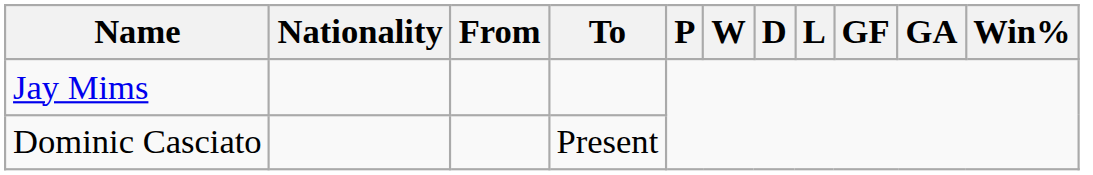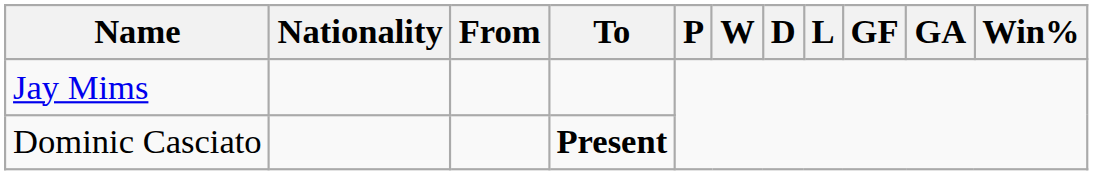 <table class="wikitable plainrowheaders sortable" style="text-align:center">
 <tr>
 <th>Name</th>
 <th>Nationality</th>
 <th>From</th>
 <th class="unsortable">To</th>
 <th>P</th>
 <th>W</th>
 <th>D</th>
 <th>L</th>
 <th>GF</th>
 <th>GA</th>
 <th>Win%</th>
 </tr>
 <tr>
 <td scope="row" style="text-align:left"><a href='#'>Jay Mims</a></td>
 <td align="left"></td>
 <td align="left"></td>
 <td align="left"><br></td>
 </tr>
 <tr>
 <td scope="row" style="text-align:left">Dominic Casciato</td>
 <td align="left"></td>
 <td align="left"></td>
-<td align="left">Present<br></td>
+<td align="left"><strong>Present<br></strong></td>
 </tr>
 </table>
